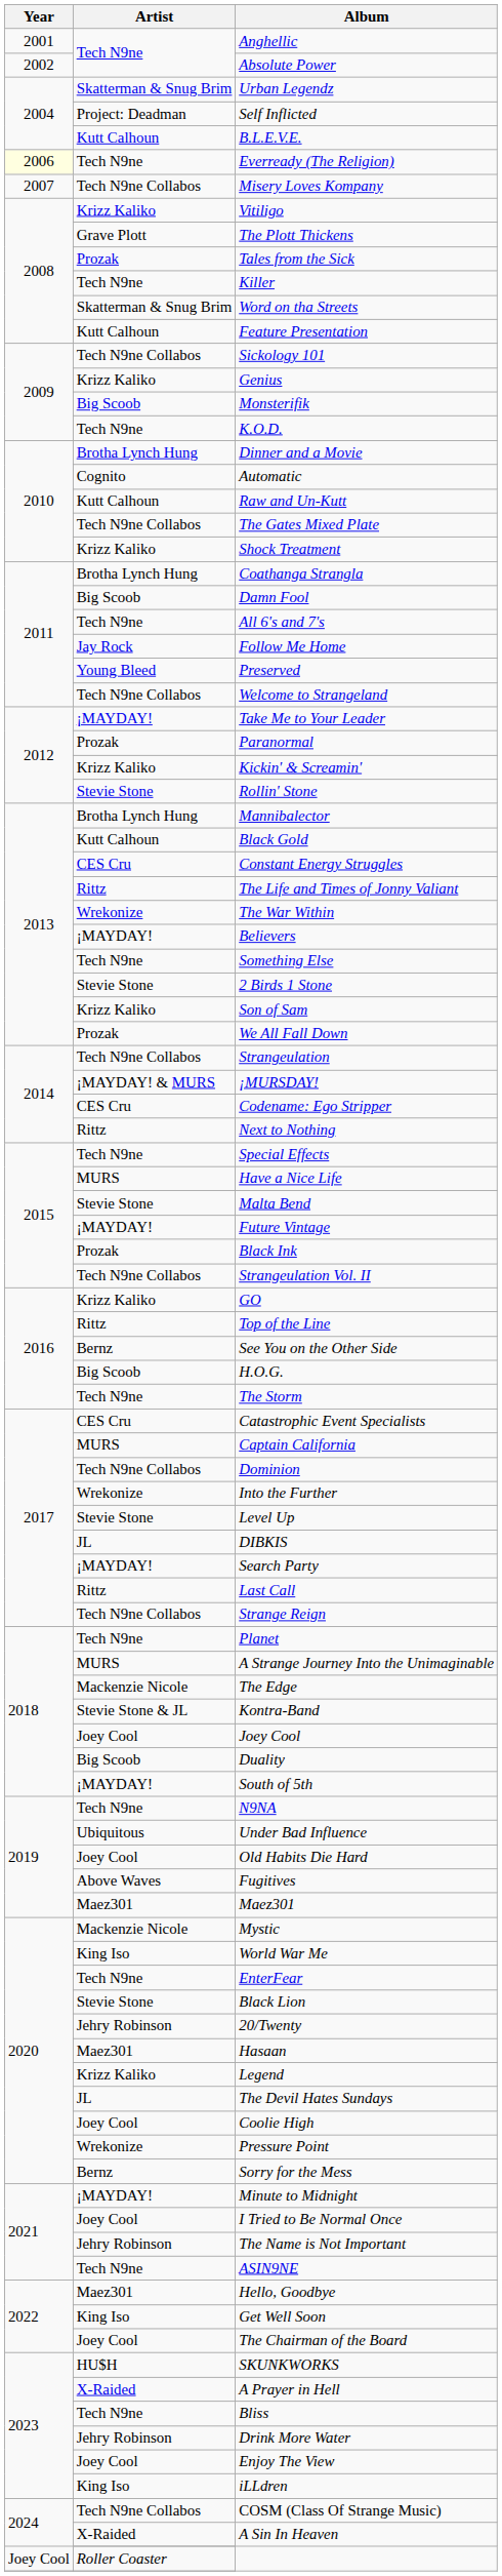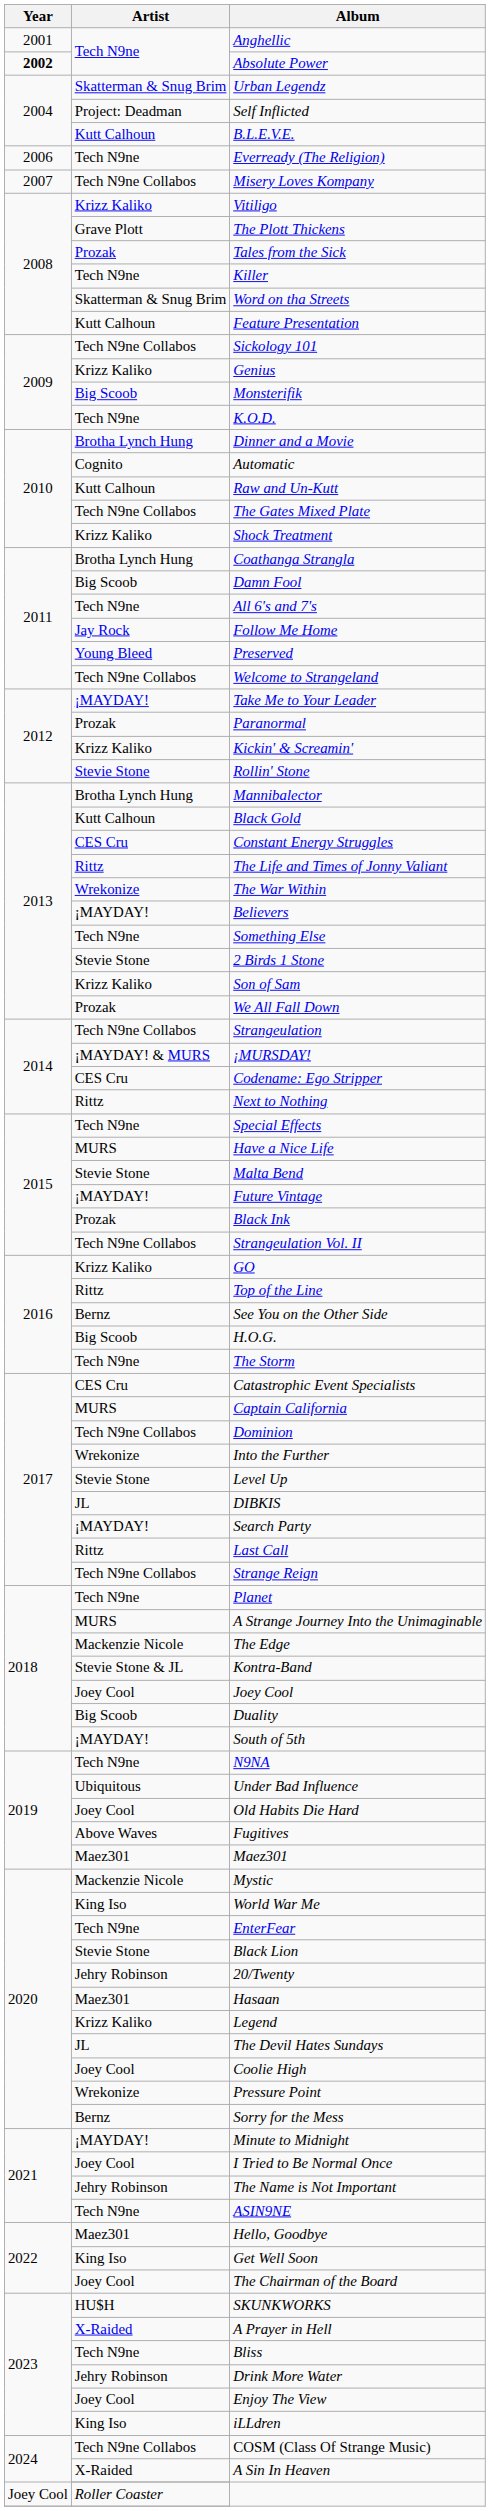 <table class="wikitable">
 <tr>
 <th>Year</th>
 <th>Artist</th>
 <th>Album</th>
 </tr>
 <tr>
 <td style="text-align:center;">2001</td>
 <td rowspan=2><a href='#'>Tech N9ne</a></td>
 <td><em><a href='#'>Anghellic</a></em></td>
 </tr>
 <tr>
-<td style="text-align:center;">2002</td>
+<td style="text-align:center;"><strong>2002</strong></td>
 <td><em><a href='#'>Absolute Power</a></em></td>
 </tr>
 <tr>
 <td style="text-align:center;" rowspan=3>2004</td>
 <td><a href='#'>Skatterman & Snug Brim</a></td>
 <td><em><a href='#'>Urban Legendz</a></em></td>
 </tr>
 <tr>
 <td>Project: Deadman</td>
 <td><em>Self Inflicted</em></td>
 </tr>
 <tr>
 <td><a href='#'>Kutt Calhoun</a></td>
 <td><em><a href='#'>B.L.E.V.E.</a></em></td>
 </tr>
 <tr>
-<td style="background: lightyellow; text-align:center;">2006</td>
+<td style="text-align:center;">2006</td>
 <td>Tech N9ne</td>
 <td><em><a href='#'>Everready (The Religion)</a></em></td>
 </tr>
 <tr>
 <td style="text-align:center;">2007</td>
 <td>Tech N9ne Collabos</td>
 <td><em><a href='#'>Misery Loves Kompany</a></em></td>
 </tr>
 <tr>
 <td style="text-align:center;" rowspan=6>2008</td>
 <td><a href='#'>Krizz Kaliko</a></td>
 <td><em><a href='#'>Vitiligo</a></em></td>
 </tr>
 <tr>
 <td>Grave Plott</td>
 <td><em><a href='#'>The Plott Thickens</a></em></td>
 </tr>
 <tr>
 <td><a href='#'>Prozak</a></td>
 <td><em><a href='#'>Tales from the Sick</a></em></td>
 </tr>
 <tr>
 <td>Tech N9ne</td>
 <td><em><a href='#'>Killer</a></em></td>
 </tr>
 <tr>
 <td>Skatterman & Snug Brim</td>
 <td><em><a href='#'>Word on tha Streets</a></em></td>
 </tr>
 <tr>
 <td>Kutt Calhoun</td>
 <td><em><a href='#'>Feature Presentation</a></em></td>
 </tr>
 <tr>
 <td style="text-align:center;" rowspan=4>2009</td>
 <td>Tech N9ne Collabos</td>
 <td><em><a href='#'>Sickology 101</a></em></td>
 </tr>
 <tr>
 <td>Krizz Kaliko</td>
 <td><em><a href='#'>Genius</a></em></td>
 </tr>
 <tr>
 <td><a href='#'>Big Scoob</a></td>
 <td><em><a href='#'>Monsterifik</a></em></td>
 </tr>
 <tr>
 <td>Tech N9ne</td>
 <td><em><a href='#'>K.O.D.</a></em></td>
 </tr>
 <tr>
 <td style="text-align:center;" rowspan=5>2010</td>
 <td><a href='#'>Brotha Lynch Hung</a></td>
 <td><em><a href='#'>Dinner and a Movie</a></em></td>
 </tr>
 <tr>
 <td>Cognito</td>
 <td><em>Automatic</em></td>
 </tr>
 <tr>
 <td>Kutt Calhoun</td>
 <td><em><a href='#'>Raw and Un-Kutt</a></em></td>
 </tr>
 <tr>
 <td>Tech N9ne Collabos</td>
 <td><em><a href='#'>The Gates Mixed Plate</a></em></td>
 </tr>
 <tr>
 <td>Krizz Kaliko</td>
 <td><em><a href='#'>Shock Treatment</a></em></td>
 </tr>
 <tr>
 <td style="text-align:center;" rowspan=6>2011</td>
 <td>Brotha Lynch Hung</td>
 <td><em><a href='#'>Coathanga Strangla</a></em></td>
 </tr>
 <tr>
 <td>Big Scoob</td>
 <td><em><a href='#'>Damn Fool</a></em></td>
 </tr>
 <tr>
 <td>Tech N9ne</td>
 <td><em><a href='#'>All 6's and 7's</a></em></td>
 </tr>
 <tr>
 <td><a href='#'>Jay Rock</a></td>
 <td><em><a href='#'>Follow Me Home</a></em></td>
 </tr>
 <tr>
 <td><a href='#'>Young Bleed</a></td>
 <td><em><a href='#'>Preserved</a></em></td>
 </tr>
 <tr>
 <td>Tech N9ne Collabos</td>
 <td><em><a href='#'>Welcome to Strangeland</a></em></td>
 </tr>
 <tr>
 <td style="text-align:center;" rowspan=4>2012</td>
 <td><a href='#'>¡MAYDAY!</a></td>
 <td><em><a href='#'>Take Me to Your Leader</a></em></td>
 </tr>
 <tr>
 <td>Prozak</td>
 <td><em><a href='#'>Paranormal</a></em></td>
 </tr>
 <tr>
 <td>Krizz Kaliko</td>
 <td><em><a href='#'>Kickin' & Screamin'</a></em></td>
 </tr>
 <tr>
 <td><a href='#'>Stevie Stone</a></td>
 <td><em><a href='#'>Rollin' Stone</a></em></td>
 </tr>
 <tr>
 <td style="text-align:center;" rowspan=10>2013</td>
 <td>Brotha Lynch Hung</td>
 <td><em><a href='#'>Mannibalector</a></em></td>
 </tr>
 <tr>
 <td>Kutt Calhoun</td>
 <td><em><a href='#'>Black Gold</a></em></td>
 </tr>
 <tr>
 <td><a href='#'>CES Cru</a></td>
 <td><em><a href='#'>Constant Energy Struggles</a></em></td>
 </tr>
 <tr>
 <td><a href='#'>Rittz</a></td>
 <td><em><a href='#'>The Life and Times of Jonny Valiant</a></em></td>
 </tr>
 <tr>
 <td><a href='#'>Wrekonize</a></td>
 <td><em><a href='#'>The War Within</a></em></td>
 </tr>
 <tr>
 <td>¡MAYDAY!</td>
 <td><em><a href='#'>Believers</a></em></td>
 </tr>
 <tr>
 <td>Tech N9ne</td>
 <td><em><a href='#'>Something Else</a></em></td>
 </tr>
 <tr>
 <td>Stevie Stone</td>
 <td><em><a href='#'>2 Birds 1 Stone</a></em></td>
 </tr>
 <tr>
 <td>Krizz Kaliko</td>
 <td><em><a href='#'>Son of Sam</a></em></td>
 </tr>
 <tr>
 <td>Prozak</td>
 <td><em><a href='#'>We All Fall Down</a></em></td>
 </tr>
 <tr>
 <td style="text-align:center;" rowspan=4>2014</td>
 <td>Tech N9ne Collabos</td>
 <td><em><a href='#'>Strangeulation</a></em></td>
 </tr>
 <tr>
 <td>¡MAYDAY! & <a href='#'>MURS</a></td>
 <td><em><a href='#'>¡MURSDAY!</a></em></td>
 </tr>
 <tr>
 <td>CES Cru</td>
 <td><em><a href='#'>Codename: Ego Stripper</a></em></td>
 </tr>
 <tr>
 <td>Rittz</td>
 <td><em><a href='#'>Next to Nothing</a></em></td>
 </tr>
 <tr>
 <td style="text-align:center;" rowspan=6>2015</td>
 <td>Tech N9ne</td>
 <td><em><a href='#'>Special Effects</a></em></td>
 </tr>
 <tr>
 <td>MURS</td>
 <td><em><a href='#'>Have a Nice Life</a></em></td>
 </tr>
 <tr>
 <td>Stevie Stone</td>
 <td><em><a href='#'>Malta Bend</a></em></td>
 </tr>
 <tr>
 <td>¡MAYDAY!</td>
 <td><em><a href='#'>Future Vintage</a></em></td>
 </tr>
 <tr>
 <td>Prozak</td>
 <td><em><a href='#'>Black Ink</a></em></td>
 </tr>
 <tr>
 <td>Tech N9ne Collabos</td>
 <td><em><a href='#'>Strangeulation Vol. II</a></em></td>
 </tr>
 <tr>
 <td rowspan="5" style="text-align:center;">2016</td>
 <td>Krizz Kaliko</td>
 <td><em><a href='#'>GO</a></em></td>
 </tr>
 <tr>
 <td>Rittz</td>
 <td><em><a href='#'>Top of the Line</a></em></td>
 </tr>
 <tr>
 <td>Bernz</td>
 <td><em>See You on the Other Side</em></td>
 </tr>
 <tr>
 <td>Big Scoob</td>
 <td><em>H.O.G.</em></td>
 </tr>
 <tr>
 <td>Tech N9ne</td>
 <td><em><a href='#'>The Storm</a></em></td>
 </tr>
 <tr>
 <td rowspan="9" style="text-align:center;">2017</td>
 <td>CES Cru</td>
 <td><em>Catastrophic Event Specialists</em></td>
 </tr>
 <tr>
 <td>MURS</td>
 <td><em><a href='#'>Captain California</a></em></td>
 </tr>
 <tr>
 <td>Tech N9ne Collabos</td>
 <td><em><a href='#'>Dominion</a></em></td>
 </tr>
 <tr>
 <td>Wrekonize</td>
 <td><em>Into the Further</em></td>
 </tr>
 <tr>
 <td>Stevie Stone</td>
 <td><em>Level Up</em></td>
 </tr>
 <tr>
 <td>JL</td>
 <td><em>DIBKIS</em></td>
 </tr>
 <tr>
 <td>¡MAYDAY!</td>
 <td><em>Search Party</em></td>
 </tr>
 <tr>
 <td>Rittz</td>
 <td><em><a href='#'>Last Call</a></em></td>
 </tr>
 <tr>
 <td>Tech N9ne Collabos</td>
 <td><em><a href='#'>Strange Reign</a></em></td>
 </tr>
 <tr>
 <td rowspan=7>2018</td>
 <td>Tech N9ne</td>
 <td><em><a href='#'>Planet</a></em></td>
 </tr>
 <tr>
 <td>MURS</td>
 <td><em>A Strange Journey Into the Unimaginable</em></td>
 </tr>
 <tr>
 <td>Mackenzie Nicole</td>
 <td><em>The Edge</em></td>
 </tr>
 <tr>
 <td>Stevie Stone & JL</td>
 <td><em>Kontra-Band</em></td>
 </tr>
 <tr>
 <td>Joey Cool</td>
 <td><em>Joey Cool</em></td>
 </tr>
 <tr>
 <td>Big Scoob</td>
 <td><em>Duality</em></td>
 </tr>
 <tr>
 <td>¡MAYDAY!</td>
 <td><em>South of 5th</em></td>
 </tr>
 <tr>
 <td rowspan=5>2019</td>
 <td>Tech N9ne</td>
 <td><em><a href='#'>N9NA</a></em></td>
 </tr>
 <tr>
 <td>Ubiquitous</td>
 <td><em>Under Bad Influence</em></td>
 </tr>
 <tr>
 <td>Joey Cool</td>
 <td><em>Old Habits Die Hard</em></td>
 </tr>
 <tr>
 <td>Above Waves</td>
 <td><em>Fugitives</em></td>
 </tr>
 <tr>
 <td>Maez301</td>
 <td><em>Maez301</em></td>
 </tr>
 <tr>
 <td rowspan=11>2020</td>
 <td>Mackenzie Nicole</td>
 <td><em>Mystic</em></td>
 </tr>
 <tr>
 <td>King Iso</td>
 <td><em>World War Me</em></td>
 </tr>
 <tr>
 <td>Tech N9ne</td>
 <td><em><a href='#'>EnterFear</a></em></td>
 </tr>
 <tr>
 <td>Stevie Stone</td>
 <td><em>Black Lion</em></td>
 </tr>
 <tr>
 <td>Jehry Robinson</td>
 <td><em>20/Twenty</em></td>
 </tr>
 <tr>
 <td>Maez301</td>
 <td><em>Hasaan</em></td>
 </tr>
 <tr>
 <td>Krizz Kaliko</td>
 <td><em>Legend</em></td>
 </tr>
 <tr>
 <td>JL</td>
 <td><em>The Devil Hates Sundays</em></td>
 </tr>
 <tr>
 <td>Joey Cool</td>
 <td><em>Coolie High</em></td>
 </tr>
 <tr>
 <td>Wrekonize</td>
 <td><em>Pressure Point</em></td>
 </tr>
 <tr>
 <td>Bernz</td>
 <td><em>Sorry for the Mess</em></td>
 </tr>
 <tr>
 <td rowspan=4>2021</td>
 <td>¡MAYDAY!</td>
 <td><em>Minute to Midnight</em></td>
 </tr>
 <tr>
 <td>Joey Cool</td>
 <td><em>I Tried to Be Normal Once</em></td>
 </tr>
 <tr>
 <td>Jehry Robinson</td>
 <td><em>The Name is Not Important</em></td>
 </tr>
 <tr>
 <td>Tech N9ne</td>
 <td><em><a href='#'>ASIN9NE</a></em></td>
 </tr>
 <tr>
 <td rowspan=3>2022</td>
 <td>Maez301</td>
 <td><em>Hello, Goodbye</em></td>
 </tr>
 <tr>
 <td>King Iso</td>
 <td><em>Get Well Soon</em></td>
 </tr>
 <tr>
 <td>Joey Cool</td>
 <td><em>The Chairman of the Board</em></td>
 </tr>
 <tr>
 <td rowspan=6>2023</td>
 <td>HU$H</td>
 <td><em>SKUNKWORKS</em></td>
 </tr>
 <tr>
 <td><a href='#'>X-Raided</a></td>
 <td><em>A Prayer in Hell</em></td>
 </tr>
 <tr>
 <td>Tech N9ne</td>
 <td><em>Bliss</em></td>
 </tr>
 <tr>
 <td>Jehry Robinson</td>
 <td><em>Drink More Water</em></td>
 </tr>
 <tr>
 <td>Joey Cool</td>
 <td><em>Enjoy The View</em></td>
 </tr>
 <tr>
 <td>King Iso</td>
 <td><em>iLLdren</em></td>
 </tr>
 <tr>
 <td rowspan=3>2024</td>
 <td>Tech N9ne Collabos</td>
 <td>COSM (Class Of Strange Music)</td>
 </tr>
 <tr>
 <td>X-Raided</td>
 <td><em>A Sin In Heaven</em></td>
 </tr>
 <tr>
 </tr>
 <tr>
 <td>Joey Cool</td>
 <td><em>Roller Coaster</em></td>
 </tr>
 <tr>
 </tr>
 </table>
